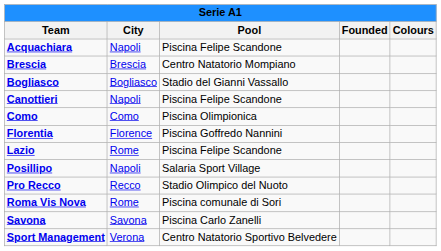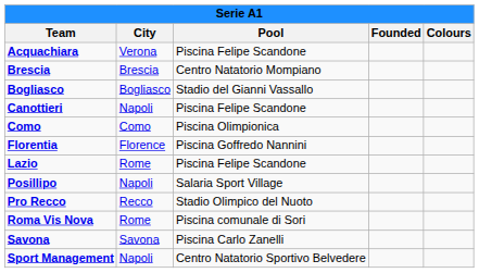 <table class="wikitable sortable">
 <tr>
 <td bgcolor=dodgerblue align="center" colspan="17"><strong><span>Serie A1</span></strong></td>
 </tr>
 <tr>
 <th>Team</th>
 <th>City</th>
 <th>Pool</th>
 <th>Founded</th>
 <th>Colours</th>
 </tr>
 <tr>
 <td><strong><a href='#'>Acquachiara</a></strong></td>
-<td><a href='#'>Napoli</a></td>
+<td><a href='#'>Verona</a></td>
 <td>Piscina Felipe Scandone</td>
 <td></td>
 <td></td>
 </tr>
 <tr>
 <td><strong><a href='#'>Brescia</a></strong></td>
 <td><a href='#'>Brescia</a></td>
 <td>Centro Natatorio Mompiano</td>
 <td></td>
 <td></td>
 </tr>
 <tr>
 <td><strong><a href='#'>Bogliasco</a></strong></td>
 <td><a href='#'>Bogliasco</a></td>
 <td>Stadio del Gianni Vassallo</td>
 <td></td>
 <td></td>
 </tr>
 <tr>
 <td><strong><a href='#'>Canottieri</a></strong></td>
 <td><a href='#'>Napoli</a></td>
 <td>Piscina Felipe Scandone</td>
 <td></td>
 <td></td>
 </tr>
 <tr>
 <td><strong><a href='#'>Como</a></strong></td>
 <td><a href='#'>Como</a></td>
 <td>Piscina Olimpionica</td>
 <td></td>
 <td></td>
 </tr>
 <tr>
 <td><strong><a href='#'>Florentia</a></strong></td>
 <td><a href='#'>Florence</a></td>
 <td>Piscina Goffredo Nannini</td>
 <td></td>
 <td></td>
 </tr>
 <tr>
 <td><strong><a href='#'>Lazio</a></strong></td>
 <td><a href='#'>Rome</a></td>
 <td>Piscina Felipe Scandone</td>
 <td></td>
 <td></td>
 </tr>
 <tr>
 <td><strong><a href='#'>Posillipo</a></strong></td>
 <td><a href='#'>Napoli</a></td>
 <td>Salaria Sport Village</td>
 <td></td>
 <td></td>
 </tr>
 <tr>
 <td><strong><a href='#'>Pro Recco</a></strong></td>
 <td><a href='#'>Recco</a></td>
 <td>Stadio Olimpico del Nuoto</td>
 <td></td>
 <td></td>
 </tr>
 <tr>
 <td><strong><a href='#'>Roma Vis Nova</a></strong></td>
 <td><a href='#'>Rome</a></td>
 <td>Piscina comunale di Sori</td>
 <td></td>
 <td></td>
 </tr>
 <tr>
 <td><strong><a href='#'>Savona</a></strong></td>
 <td><a href='#'>Savona</a></td>
 <td>Piscina Carlo Zanelli</td>
 <td></td>
 <td></td>
 </tr>
 <tr>
 <td><strong><a href='#'>Sport Management</a></strong></td>
-<td><a href='#'>Verona</a></td>
+<td><a href='#'>Napoli</a></td>
 <td>Centro Natatorio Sportivo Belvedere</td>
 <td></td>
 <td></td>
 </tr>
 </table>
